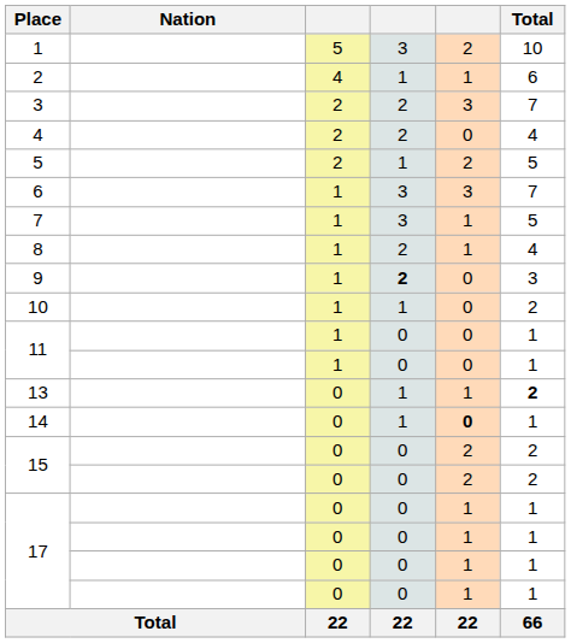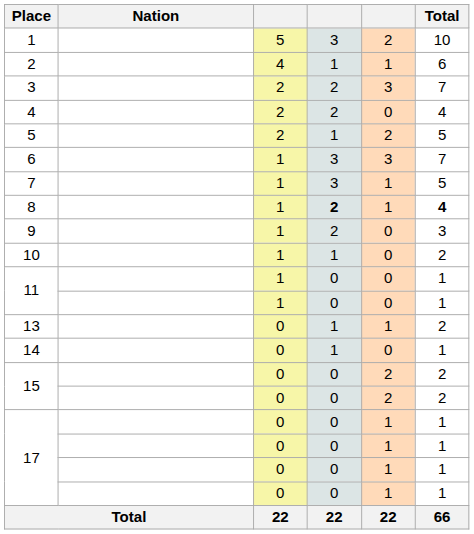 <table class="wikitable" style="border:1px solid #AAAAAA">
 <tr bgcolor="#EFEFEF">
 <th width=50>Place</th>
 <th width=200>Nation</th>
 <th width=50></th>
 <th width=50></th>
 <th width=50></th>
 <th width=50>Total</th>
 </tr>
 <tr align=center bgcolor="#FFFFFF">
 <td>1</td>
 <td align="left"></td>
 <td style="background:#F7F6A8;">5</td>
 <td style="background:#DCE5E5;">3</td>
 <td style="background:#FFDAB9;">2</td>
 <td>10</td>
 </tr>
 <tr align=center bgcolor="#FFFFFF">
 <td>2</td>
 <td align="left"></td>
 <td style="background:#F7F6A8;">4</td>
 <td style="background:#DCE5E5;">1</td>
 <td style="background:#FFDAB9;">1</td>
 <td>6</td>
 </tr>
 <tr align=center bgcolor="#FFFFFF">
 <td>3</td>
 <td align="left"></td>
 <td style="background:#F7F6A8;">2</td>
 <td style="background:#DCE5E5;">2</td>
 <td style="background:#FFDAB9;">3</td>
 <td>7</td>
 </tr>
 <tr align=center bgcolor="#FFFFFF">
 <td>4</td>
 <td align="left"></td>
 <td style="background:#F7F6A8;">2</td>
 <td style="background:#DCE5E5;">2</td>
 <td style="background:#FFDAB9;">0</td>
 <td>4</td>
 </tr>
 <tr align=center bgcolor="#FFFFFF">
 <td>5</td>
 <td align="left"></td>
 <td style="background:#F7F6A8;">2</td>
 <td style="background:#DCE5E5;">1</td>
 <td style="background:#FFDAB9;">2</td>
 <td>5</td>
 </tr>
 <tr align=center bgcolor="#FFFFFF">
 <td>6</td>
 <td align="left"></td>
 <td style="background:#F7F6A8;">1</td>
 <td style="background:#DCE5E5;">3</td>
 <td style="background:#FFDAB9;">3</td>
 <td>7</td>
 </tr>
 <tr align=center bgcolor="#FFFFFF">
 <td>7</td>
 <td align="left"></td>
 <td style="background:#F7F6A8;">1</td>
 <td style="background:#DCE5E5;">3</td>
 <td style="background:#FFDAB9;">1</td>
 <td>5</td>
 </tr>
 <tr align=center bgcolor="#FFFFFF">
 <td>8</td>
 <td align="left"></td>
 <td style="background:#F7F6A8;">1</td>
-<td style="background:#DCE5E5;">2</td>
+<td style="background:#DCE5E5;"><strong>2</strong></td>
 <td style="background:#FFDAB9;">1</td>
-<td>4</td>
+<td><strong>4</strong></td>
 </tr>
 <tr align=center bgcolor="#FFFFFF">
 <td>9</td>
 <td align="left"></td>
 <td style="background:#F7F6A8;">1</td>
-<td style="background:#DCE5E5;"><strong>2</strong></td>
+<td style="background:#DCE5E5;">2</td>
 <td style="background:#FFDAB9;">0</td>
 <td>3</td>
 </tr>
 <tr align=center bgcolor="#FFFFFF">
 <td>10</td>
 <td align="left"></td>
 <td style="background:#F7F6A8;">1</td>
 <td style="background:#DCE5E5;">1</td>
 <td style="background:#FFDAB9;">0</td>
 <td>2</td>
 </tr>
 <tr align=center bgcolor="#FFFFFF">
 <td rowspan=2>11</td>
 <td align="left"></td>
 <td style="background:#F7F6A8;">1</td>
 <td style="background:#DCE5E5;">0</td>
 <td style="background:#FFDAB9;">0</td>
 <td>1</td>
 </tr>
 <tr align=center bgcolor="#FFFFFF">
 <td align="left"></td>
 <td style="background:#F7F6A8;">1</td>
 <td style="background:#DCE5E5;">0</td>
 <td style="background:#FFDAB9;">0</td>
 <td>1</td>
 </tr>
 <tr align=center bgcolor="#FFFFFF">
 <td>13</td>
 <td align="left"></td>
 <td style="background:#F7F6A8;">0</td>
 <td style="background:#DCE5E5;">1</td>
 <td style="background:#FFDAB9;">1</td>
-<td><strong>2</strong></td>
+<td>2</td>
 </tr>
 <tr align=center bgcolor="#FFFFFF">
 <td>14</td>
 <td align="left"></td>
 <td style="background:#F7F6A8;">0</td>
 <td style="background:#DCE5E5;">1</td>
-<td style="background:#FFDAB9;"><strong>0</strong></td>
+<td style="background:#FFDAB9;">0</td>
 <td>1</td>
 </tr>
 <tr align=center bgcolor="#FFFFFF">
 <td rowspan=2>15</td>
 <td align="left"></td>
 <td style="background:#F7F6A8;">0</td>
 <td style="background:#DCE5E5;">0</td>
 <td style="background:#FFDAB9;">2</td>
 <td>2</td>
 </tr>
 <tr align=center bgcolor="#FFFFFF">
 <td align="left"></td>
 <td style="background:#F7F6A8;">0</td>
 <td style="background:#DCE5E5;">0</td>
 <td style="background:#FFDAB9;">2</td>
 <td>2</td>
 </tr>
 <tr align=center bgcolor="#FFFFFF">
 <td rowspan=4>17</td>
 <td align="left"></td>
 <td style="background:#F7F6A8;">0</td>
 <td style="background:#DCE5E5;">0</td>
 <td style="background:#FFDAB9;">1</td>
 <td>1</td>
 </tr>
 <tr align=center bgcolor="#FFFFFF">
 <td align="left"></td>
 <td style="background:#F7F6A8;">0</td>
 <td style="background:#DCE5E5;">0</td>
 <td style="background:#FFDAB9;">1</td>
 <td>1</td>
 </tr>
 <tr align=center bgcolor="#FFFFFF">
 <td align="left"></td>
 <td style="background:#F7F6A8;">0</td>
 <td style="background:#DCE5E5;">0</td>
 <td style="background:#FFDAB9;">1</td>
 <td>1</td>
 </tr>
 <tr align=center bgcolor="#FFFFFF">
 <td align="left"></td>
 <td style="background:#F7F6A8;">0</td>
 <td style="background:#DCE5E5;">0</td>
 <td style="background:#FFDAB9;">1</td>
 <td>1</td>
 </tr>
 <tr bgcolor="#EFEFEF">
 <th colspan=2>Total</th>
 <th>22</th>
 <th>22</th>
 <th>22</th>
 <th>66</th>
 </tr>
 </table>
